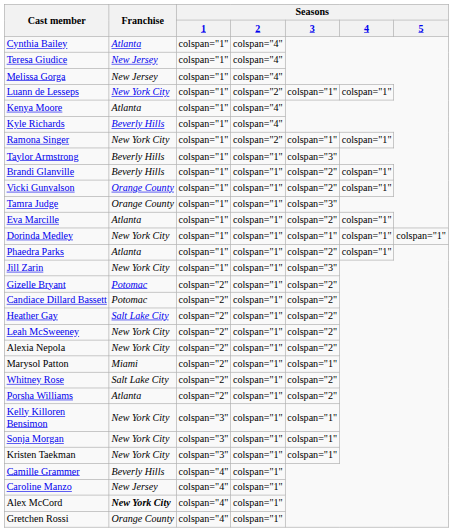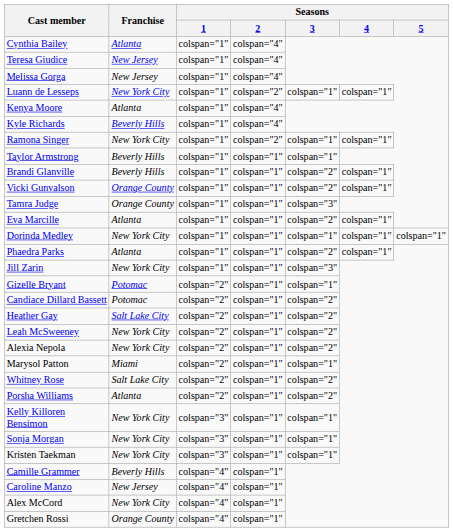 <table class="wikitable plainrowheaders">
 <tr>
 <th rowspan="2" style="width:15%">Cast member</th>
 <th rowspan="2" style="width:15%">Franchise</th>
 <th colspan="5">Seasons</th>
 </tr>
 <tr>
 <th><a href='#'>1</a></th>
 <th><a href='#'>2</a></th>
 <th><a href='#'>3</a></th>
 <th><a href='#'>4</a></th>
 <th><a href='#'>5</a></th>
 </tr>
 <tr>
 <td><a href='#'>Cynthia Bailey</a></td>
 <td><em><a href='#'>Atlanta</a></em></td>
 <td>colspan="1" </td>
 <td>colspan="4" </td>
 </tr>
 <tr>
 <td><a href='#'>Teresa Giudice</a></td>
 <td><em><a href='#'>New Jersey</a></em></td>
 <td>colspan="1" </td>
 <td>colspan="4" </td>
 </tr>
 <tr>
 <td><a href='#'>Melissa Gorga</a></td>
 <td><em>New Jersey</em></td>
 <td>colspan="1" </td>
 <td>colspan="4" </td>
 </tr>
 <tr>
 <td><a href='#'>Luann de Lesseps</a></td>
 <td><em><a href='#'>New York City</a></em></td>
 <td>colspan="1" </td>
 <td>colspan="2" </td>
 <td>colspan="1" </td>
 <td>colspan="1" </td>
 </tr>
 <tr>
 <td><a href='#'>Kenya Moore</a></td>
 <td><em>Atlanta</em></td>
 <td>colspan="1" </td>
 <td>colspan="4" </td>
 </tr>
 <tr>
 <td><a href='#'>Kyle Richards</a></td>
 <td><em><a href='#'>Beverly Hills</a></em></td>
 <td>colspan="1" </td>
 <td>colspan="4" </td>
 </tr>
 <tr>
 <td><a href='#'>Ramona Singer</a></td>
 <td><em>New York City</em></td>
 <td>colspan="1" </td>
 <td>colspan="2" </td>
 <td>colspan="1" </td>
 <td>colspan="1" </td>
 </tr>
 <tr>
 <td><a href='#'>Taylor Armstrong</a></td>
 <td><em>Beverly Hills</em></td>
 <td>colspan="1" </td>
 <td>colspan="1" </td>
-<td>colspan="3" </td>
+<td>colspan="1" </td>
 </tr>
 <tr>
 <td><a href='#'>Brandi Glanville</a></td>
 <td><em>Beverly Hills</em></td>
 <td>colspan="1" </td>
 <td>colspan="1" </td>
 <td>colspan="2" </td>
 <td>colspan="1" </td>
 </tr>
 <tr>
 <td><a href='#'>Vicki Gunvalson</a></td>
 <td nowrap><em><a href='#'>Orange County</a></em></td>
 <td>colspan="1" </td>
 <td>colspan="1" </td>
 <td>colspan="2" </td>
 <td>colspan="1" </td>
 </tr>
 <tr>
 <td><a href='#'>Tamra Judge</a></td>
 <td><em>Orange County</em></td>
 <td>colspan="1" </td>
 <td>colspan="1" </td>
 <td>colspan="3" </td>
 </tr>
 <tr>
 <td><a href='#'>Eva Marcille</a></td>
 <td><em>Atlanta</em></td>
 <td>colspan="1" </td>
 <td>colspan="1" </td>
 <td>colspan="2" </td>
 <td>colspan="1" </td>
 </tr>
 <tr>
 <td><a href='#'>Dorinda Medley</a></td>
 <td><em>New York City</em></td>
 <td>colspan="1" </td>
 <td>colspan="1" </td>
 <td>colspan="1" </td>
 <td>colspan="1" </td>
 <td>colspan="1" </td>
 </tr>
 <tr>
 <td><a href='#'>Phaedra Parks</a></td>
 <td><em>Atlanta</em></td>
 <td>colspan="1" </td>
 <td>colspan="1" </td>
 <td>colspan="2" </td>
 <td>colspan="1" </td>
 </tr>
 <tr>
 <td><a href='#'>Jill Zarin</a></td>
 <td><em>New York City</em></td>
 <td>colspan="1" </td>
 <td>colspan="1" </td>
 <td>colspan="3" </td>
 </tr>
 <tr>
 <td><a href='#'>Gizelle Bryant</a></td>
 <td><em><a href='#'>Potomac</a></em></td>
 <td>colspan="2" </td>
 <td>colspan="1" </td>
-<td>colspan="2" </td>
+<td>colspan="1" </td>
 </tr>
 <tr>
 <td nowrap><a href='#'>Candiace Dillard Bassett</a></td>
 <td><em>Potomac</em></td>
 <td>colspan="2" </td>
 <td>colspan="1" </td>
 <td>colspan="2" </td>
 </tr>
 <tr>
 <td><a href='#'>Heather Gay</a></td>
 <td><em><a href='#'>Salt Lake City</a></em></td>
 <td>colspan="2" </td>
 <td>colspan="1" </td>
 <td>colspan="2" </td>
 </tr>
 <tr>
 <td><a href='#'>Leah McSweeney</a></td>
 <td><em>New York City</em></td>
 <td>colspan="2" </td>
 <td>colspan="1" </td>
 <td>colspan="2" </td>
 </tr>
 <tr>
 <td>Alexia Nepola</td>
 <td><em>New York City</em></td>
 <td>colspan="2" </td>
 <td>colspan="1" </td>
 <td>colspan="2" </td>
 </tr>
 <tr>
 <td>Marysol Patton</td>
 <td><em>Miami</em></td>
 <td>colspan="2" </td>
 <td>colspan="1" </td>
 <td>colspan="1" </td>
 </tr>
 <tr>
 <td><a href='#'>Whitney Rose</a></td>
 <td><em>Salt Lake City</em></td>
 <td>colspan="2" </td>
 <td>colspan="1" </td>
 <td>colspan="2" </td>
 </tr>
 <tr>
 <td><a href='#'>Porsha Williams</a></td>
 <td><em>Atlanta</em></td>
 <td>colspan="2" </td>
 <td>colspan="1" </td>
 <td>colspan="2" </td>
 </tr>
 <tr>
 <td><a href='#'>Kelly Killoren Bensimon</a></td>
 <td><em>New York City</em></td>
 <td>colspan="3"</td>
 <td>colspan="1"</td>
 <td>colspan="1" </td>
 </tr>
 <tr>
 <td><a href='#'>Sonja Morgan</a></td>
 <td><em>New York City</em></td>
 <td>colspan="3"</td>
 <td>colspan="1"</td>
 <td>colspan="1" </td>
 </tr>
 <tr>
 <td>Kristen Taekman</td>
 <td><em>New York City</em></td>
 <td>colspan="3"</td>
 <td>colspan="1"</td>
 <td>colspan="1" </td>
 </tr>
 <tr>
 <td><a href='#'>Camille Grammer</a></td>
 <td><em>Beverly Hills</em></td>
 <td>colspan="4"</td>
 <td>colspan="1"</td>
 </tr>
 <tr>
 <td><a href='#'>Caroline Manzo</a></td>
 <td><em>New Jersey</em></td>
 <td>colspan="4"</td>
 <td>colspan="1"</td>
 </tr>
 <tr>
 <td>Alex McCord</td>
-<td><strong><em>New York City</em></strong></td>
+<td><em>New York City</em></td>
 <td>colspan="4"</td>
 <td>colspan="1"</td>
 </tr>
 <tr>
 <td>Gretchen Rossi</td>
 <td><em>Orange County</em></td>
 <td>colspan="4"</td>
 <td>colspan="1"</td>
 </tr>
 </table>
